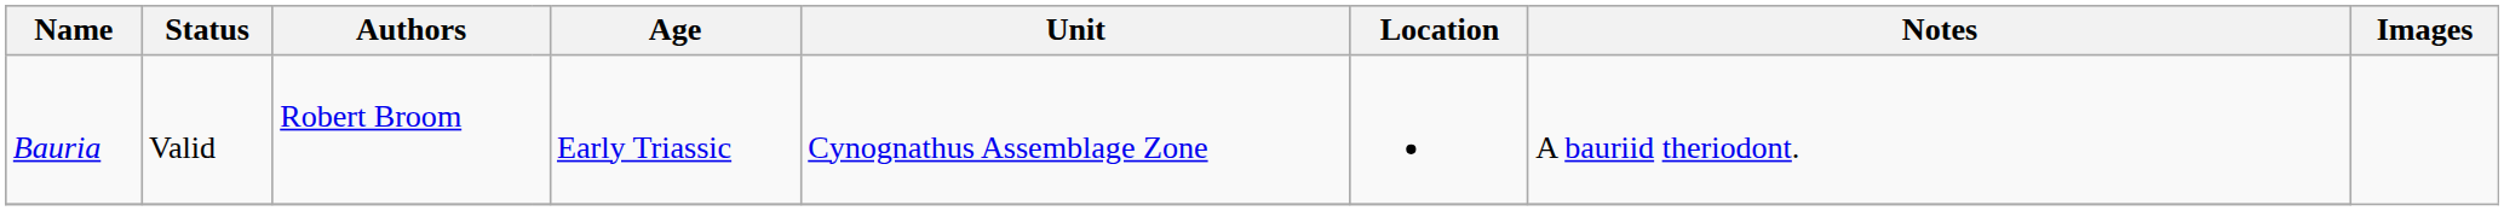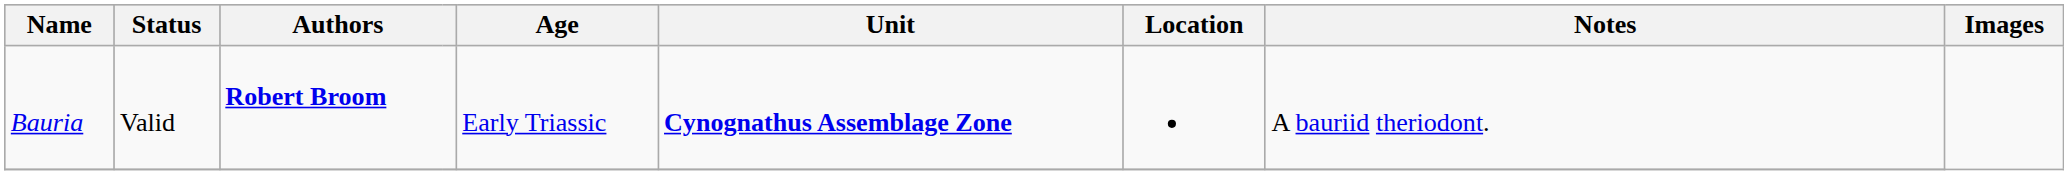 <table class="wikitable sortable" align="center" width="100%">
 <tr>
 <th>Name</th>
 <th>Status</th>
 <th colspan="2">Authors</th>
 <th>Age</th>
 <th>Unit</th>
 <th>Location</th>
 <th width="33%" class="unsortable">Notes</th>
 <th class="unsortable">Images</th>
 </tr>
 <tr>
 <td><br><em><a href='#'>Bauria</a></em></td>
 <td><br>Valid</td>
-<td style="border-right:0px" valign="top"><br><a href='#'>Robert Broom</a></td>
+<td style="border-right:0px" valign="top"><strong><br><a href='#'>Robert Broom</a></strong></td>
 <td style="border-left:0px" valign="top"></td>
 <td><br><a href='#'>Early Triassic</a></td>
-<td><br><a href='#'>Cynognathus Assemblage Zone</a></td>
+<td><strong><br><a href='#'>Cynognathus Assemblage Zone</a></strong></td>
 <td><br><ul><li></li></ul></td>
 <td><br>A <a href='#'>bauriid</a> <a href='#'>theriodont</a>.</td>
 <td rowspan="99"></td>
 </tr>
 <tr>
 </tr>
 </table>
